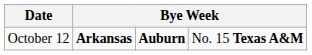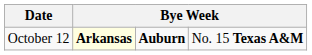 <table class="wikitable" style="font-size:95%;">
 <tr>
 <th>Date</th>
 <th colspan="3">Bye Week</th>
 </tr>
 <tr>
 <td>October 12</td>
-<td><strong>Arkansas</strong></td>
+<td style="background: lightyellow;"><strong>Arkansas</strong></td>
 <td><strong>Auburn</strong></td>
 <td>No. 15 <strong>Texas A&M</strong></td>
 </tr>
 </table>
